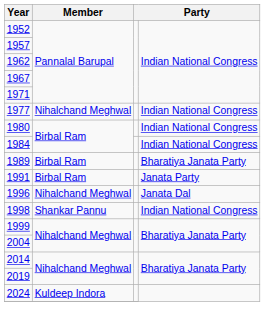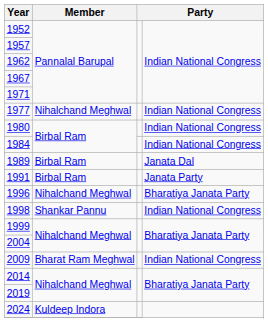 <table class="wikitable">
 <tr>
 <th>Year</th>
 <th>Member</th>
 <th colspan="2">Party</th>
 </tr>
 <tr>
 <td><a href='#'>1952</a></td>
 <td rowspan="5"><a href='#'>Pannalal Barupal</a></td>
 <td rowspan="5" style="background-color: "></td>
 <td rowspan="5"><a href='#'>Indian National Congress</a></td>
 </tr>
 <tr>
 <td><a href='#'>1957</a></td>
 </tr>
 <tr>
 <td><a href='#'>1962</a></td>
 </tr>
 <tr>
 <td><a href='#'>1967</a></td>
 </tr>
 <tr>
 <td><a href='#'>1971</a></td>
 </tr>
 <tr>
 <td><a href='#'>1977</a></td>
 <td><a href='#'>Nihalchand Meghwal</a></td>
 <td style="background-color: "></td>
 <td><a href='#'>Indian National Congress</a></td>
 </tr>
 <tr>
 <td><a href='#'>1980</a></td>
 <td rowspan="2"><a href='#'>Birbal Ram</a></td>
 <td style="background-color: "></td>
 <td><a href='#'>Indian National Congress</a></td>
 </tr>
 <tr>
 <td><a href='#'>1984</a></td>
 <td style="background-color: "></td>
 <td><a href='#'>Indian National Congress</a></td>
 </tr>
 <tr>
 <td><a href='#'>1989</a></td>
 <td><a href='#'>Birbal Ram</a></td>
 <td style="background-color: "></td>
-<td><a href='#'>Bharatiya Janata Party</a></td>
+<td><a href='#'>Janata Dal</a></td>
 </tr>
 <tr>
 <td><a href='#'>1991</a></td>
 <td><a href='#'>Birbal Ram</a></td>
 <td style="background-color: "></td>
 <td><a href='#'>Janata Party</a></td>
 </tr>
 <tr>
 <td><a href='#'>1996</a></td>
 <td><a href='#'>Nihalchand Meghwal</a></td>
 <td style="background-color: "></td>
-<td><a href='#'>Janata Dal</a></td>
+<td><a href='#'>Bharatiya Janata Party</a></td>
 </tr>
 <tr>
 <td><a href='#'>1998</a></td>
 <td><a href='#'>Shankar Pannu</a></td>
 <td style="background-color: "></td>
 <td><a href='#'>Indian National Congress</a></td>
 </tr>
 <tr>
 <td><a href='#'>1999</a></td>
 <td rowspan="2"><a href='#'>Nihalchand Meghwal</a></td>
 <td rowspan="2" style="background-color: "></td>
 <td rowspan="2"><a href='#'>Bharatiya Janata Party</a></td>
 </tr>
 <tr>
 <td><a href='#'>2004</a></td>
+</tr>
+<tr>
+<td><a href='#'>2009</a></td>
+<td><a href='#'>Bharat Ram Meghwal</a></td>
+<td style="background-color: "></td>
+<td><a href='#'>Indian National Congress</a></td>
 </tr>
 <tr>
 <td><a href='#'>2014</a></td>
 <td rowspan="2"><a href='#'>Nihalchand Meghwal</a></td>
 <td rowspan="2" style="background-color: "></td>
 <td rowspan="2"><a href='#'>Bharatiya Janata Party</a></td>
 </tr>
 <tr>
 <td><a href='#'>2019</a></td>
 </tr>
 <tr>
 <td><a href='#'>2024</a></td>
 <td><a href='#'>Kuldeep Indora</a></td>
 <td></td>
 </tr>
 <tr>
 </tr>
 </table>
